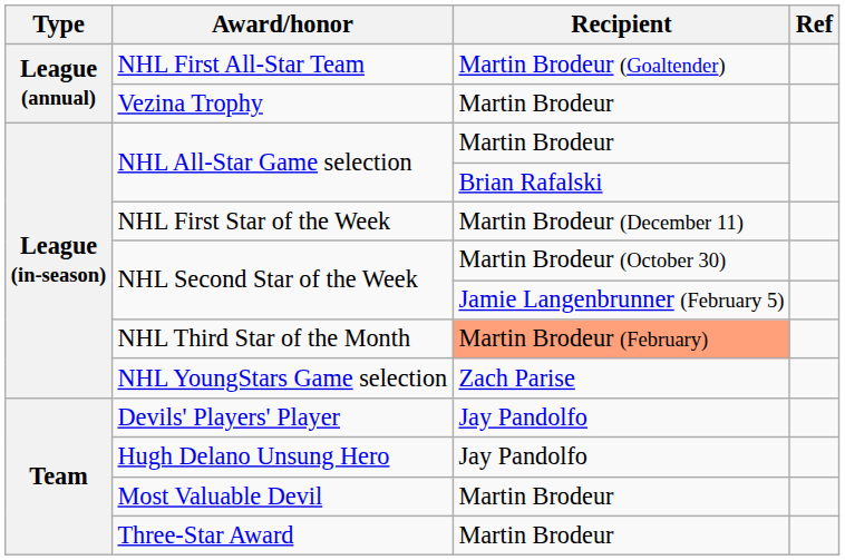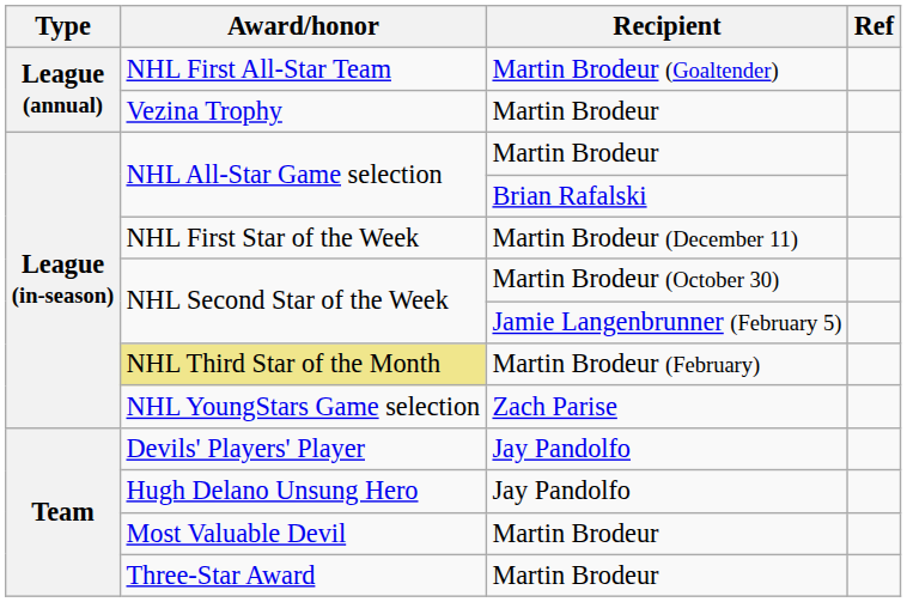 <table class="wikitable">
 <tr>
 <th scope="col">Type</th>
 <th scope="col">Award/honor</th>
 <th scope="col">Recipient</th>
 <th scope="col">Ref</th>
 </tr>
 <tr>
 <th scope="row" rowspan="2">League<br><small>(annual)</small></th>
 <td><a href='#'>NHL First All-Star Team</a></td>
 <td><a href='#'>Martin Brodeur</a> <small>(<a href='#'>Goaltender</a>)</small></td>
 <td></td>
 </tr>
 <tr>
 <td><a href='#'>Vezina Trophy</a></td>
 <td>Martin Brodeur</td>
 <td></td>
 </tr>
 <tr>
 <th scope="row" rowspan="7">League<br><small>(in-season)</small></th>
 <td rowspan="2"><a href='#'>NHL All-Star Game</a> selection</td>
 <td>Martin Brodeur</td>
 <td rowspan="2"></td>
 </tr>
 <tr>
 <td><a href='#'>Brian Rafalski</a></td>
 </tr>
 <tr>
 <td>NHL First Star of the Week</td>
 <td>Martin Brodeur <small>(December 11)</small></td>
 <td></td>
 </tr>
 <tr>
 <td rowspan="2">NHL Second Star of the Week</td>
 <td>Martin Brodeur <small>(October 30)</small></td>
 <td></td>
 </tr>
 <tr>
 <td><a href='#'>Jamie Langenbrunner</a> <small>(February 5)</small></td>
 <td></td>
 </tr>
 <tr>
-<td>NHL Third Star of the Month</td>
-<td style="background: lightsalmon;">Martin Brodeur <small>(February)</small></td>
+<td style="background: khaki;">NHL Third Star of the Month</td>
+<td>Martin Brodeur <small>(February)</small></td>
 <td></td>
 </tr>
 <tr>
 <td><a href='#'>NHL YoungStars Game</a> selection</td>
 <td><a href='#'>Zach Parise</a></td>
 <td></td>
 </tr>
 <tr>
 <th scope="row" rowspan="4">Team</th>
 <td><a href='#'>Devils' Players' Player</a></td>
 <td><a href='#'>Jay Pandolfo</a></td>
 <td></td>
 </tr>
 <tr>
 <td><a href='#'>Hugh Delano Unsung Hero</a></td>
 <td>Jay Pandolfo</td>
 <td></td>
 </tr>
 <tr>
 <td><a href='#'>Most Valuable Devil</a></td>
 <td>Martin Brodeur</td>
 <td></td>
 </tr>
 <tr>
 <td><a href='#'>Three-Star Award</a></td>
 <td>Martin Brodeur</td>
 <td></td>
 </tr>
 </table>
